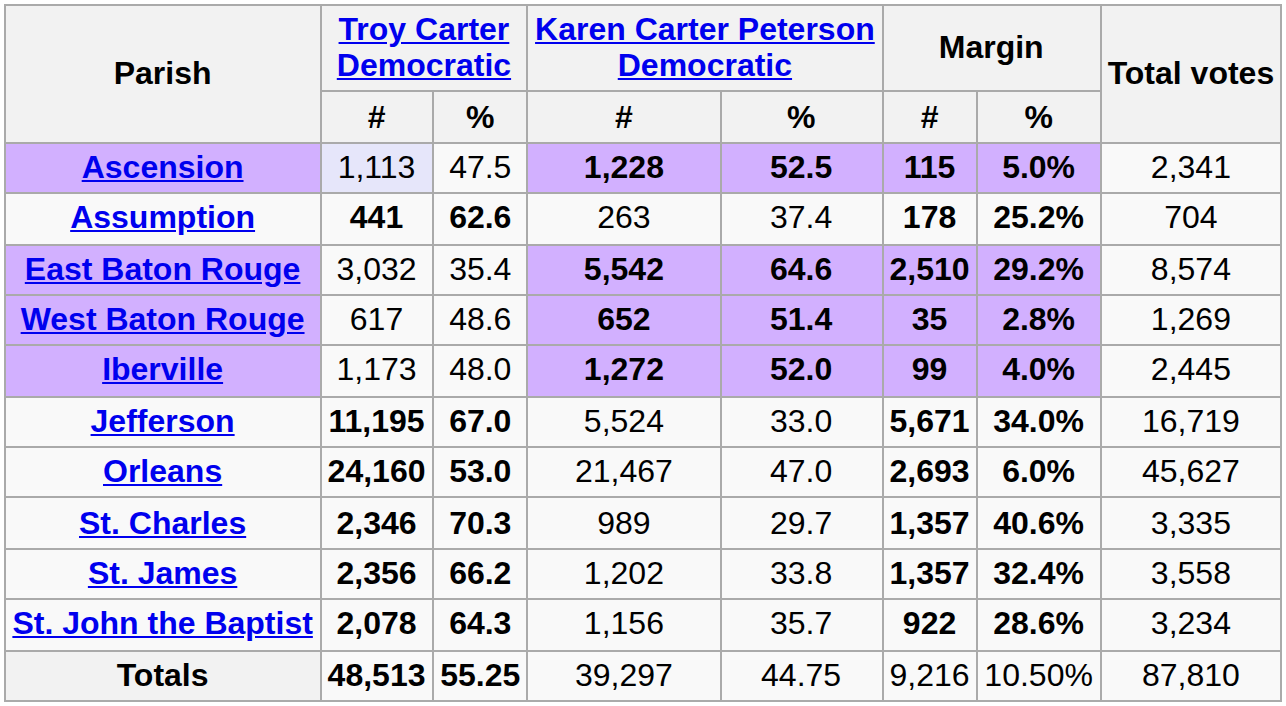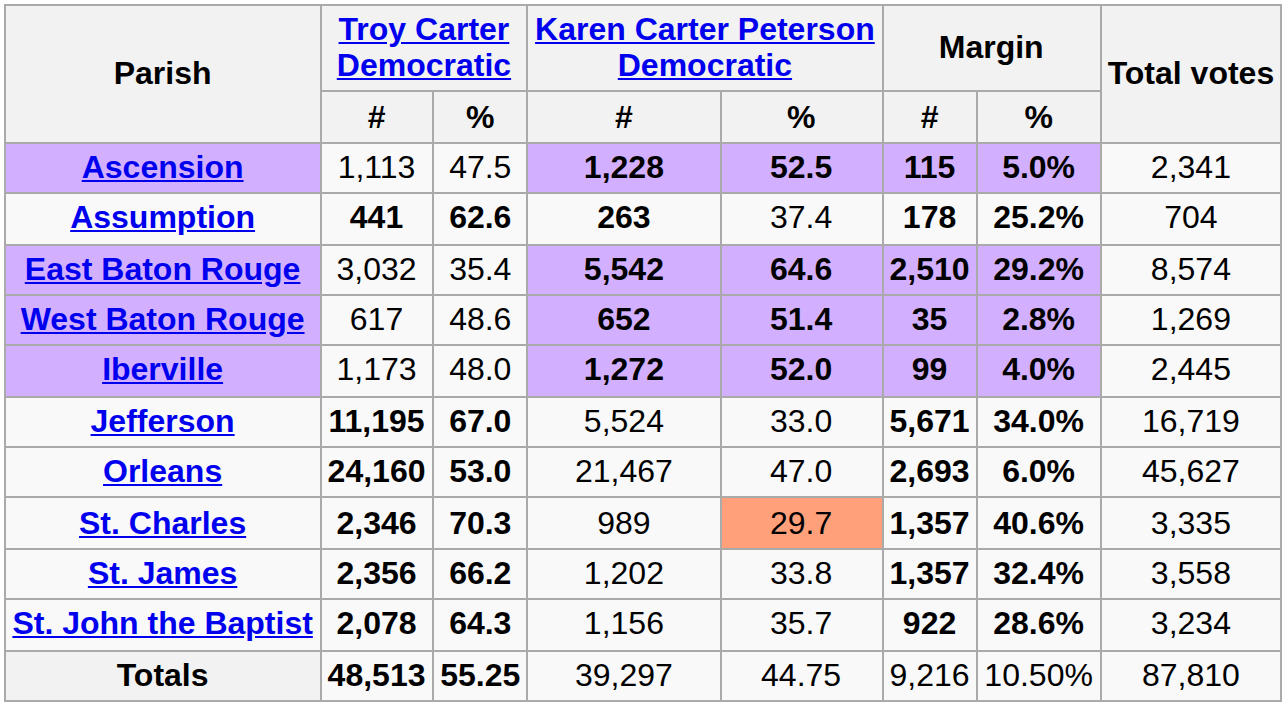 <table class="wikitable sortable">
 <tr>
 <th rowspan="2">Parish</th>
 <th colspan="2"><a href='#'>Troy Carter</a><br><a href='#'>Democratic</a></th>
 <th colspan="2"><a href='#'>Karen Carter Peterson</a><br><a href='#'>Democratic</a></th>
 <th colspan="2">Margin</th>
 <th rowspan="2">Total votes</th>
 </tr>
 <tr>
 <th data-sort-type="number" style="text-align:center;">#</th>
 <th data-sort-type="number" style="text-align:center;">%</th>
 <th data-sort-type="number" style="text-align:center;">#</th>
 <th data-sort-type="number" style="text-align:center;">%</th>
 <th data-sort-type="number" style="text-align:center;">#</th>
 <th data-sort-type="number" style="text-align:center;">%</th>
 </tr>
 <tr style="text-align:center;">
 <td style="background:#d2b0ff;"><strong><a href='#'>Ascension</a></strong></td>
-<td style="background: lavender;">1,113</td>
+<td>1,113</td>
 <td>47.5</td>
 <td style="background:#d2b0ff;"><strong>1,228</strong></td>
 <td style="background:#d2b0ff;"><strong>52.5</strong></td>
 <td style="background:#d2b0ff;"><strong>115</strong></td>
 <td style="background:#d2b0ff;"><strong>5.0%</strong></td>
 <td>2,341</td>
 </tr>
 <tr style="text-align:center;">
 <td><strong><a href='#'>Assumption</a></strong></td>
 <td><strong>441</strong></td>
 <td><strong>62.6</strong></td>
-<td>263</td>
+<td><strong>263</strong></td>
 <td>37.4</td>
 <td><strong>178</strong></td>
 <td><strong>25.2%</strong></td>
 <td>704</td>
 </tr>
 <tr style="text-align:center;">
 <td style="background:#d2b0ff;"><strong><a href='#'>East Baton Rouge</a></strong></td>
 <td>3,032</td>
 <td>35.4</td>
 <td style="background:#d2b0ff;"><strong>5,542</strong></td>
 <td style="background:#d2b0ff;"><strong>64.6</strong></td>
 <td style="background:#d2b0ff;"><strong>2,510</strong></td>
 <td style="background:#d2b0ff;"><strong>29.2%</strong></td>
 <td>8,574</td>
 </tr>
 <tr style="text-align:center;">
 <td style="background:#d2b0ff;"><strong><a href='#'>West Baton Rouge</a></strong></td>
 <td>617</td>
 <td>48.6</td>
 <td style="background:#d2b0ff;"><strong>652</strong></td>
 <td style="background:#d2b0ff;"><strong>51.4</strong></td>
 <td style="background:#d2b0ff;"><strong>35</strong></td>
 <td style="background:#d2b0ff;"><strong>2.8%</strong></td>
 <td>1,269</td>
 </tr>
 <tr style="text-align:center;">
 <td style="background:#d2b0ff;"><strong><a href='#'>Iberville</a></strong></td>
 <td>1,173</td>
 <td>48.0</td>
 <td style="background:#d2b0ff;"><strong>1,272</strong></td>
 <td style="background:#d2b0ff;"><strong>52.0</strong></td>
 <td style="background:#d2b0ff;"><strong>99</strong></td>
 <td style="background:#d2b0ff;"><strong>4.0%</strong></td>
 <td>2,445</td>
 </tr>
 <tr style="text-align:center;">
 <td><strong><a href='#'>Jefferson</a></strong></td>
 <td><strong>11,195</strong></td>
 <td><strong>67.0</strong></td>
 <td>5,524</td>
 <td>33.0</td>
 <td><strong>5,671</strong></td>
 <td><strong>34.0%</strong></td>
 <td>16,719</td>
 </tr>
 <tr style="text-align:center;">
 <td><strong><a href='#'>Orleans</a></strong></td>
 <td><strong>24,160</strong></td>
 <td><strong>53.0</strong></td>
 <td>21,467</td>
 <td>47.0</td>
 <td><strong>2,693</strong></td>
 <td><strong>6.0%</strong></td>
 <td>45,627</td>
 </tr>
 <tr style="text-align:center;">
 <td><strong><a href='#'>St. Charles</a></strong></td>
 <td><strong>2,346</strong></td>
 <td><strong>70.3</strong></td>
 <td>989</td>
-<td>29.7</td>
+<td style="background: lightsalmon;">29.7</td>
 <td><strong>1,357</strong></td>
 <td><strong>40.6%</strong></td>
 <td>3,335</td>
 </tr>
 <tr style="text-align:center;">
 <td><strong><a href='#'>St. James</a></strong></td>
 <td><strong>2,356</strong></td>
 <td><strong>66.2</strong></td>
 <td>1,202</td>
 <td>33.8</td>
 <td><strong>1,357</strong></td>
 <td><strong>32.4%</strong></td>
 <td>3,558</td>
 </tr>
 <tr style="text-align:center;">
 <td><strong><a href='#'>St. John the Baptist</a></strong></td>
 <td><strong>2,078</strong></td>
 <td><strong>64.3</strong></td>
 <td>1,156</td>
 <td>35.7</td>
 <td><strong>922</strong></td>
 <td><strong>28.6%</strong></td>
 <td>3,234</td>
 </tr>
 <tr style="text-align:center;">
 <th>Totals</th>
 <td><strong>48,513</strong></td>
 <td><strong>55.25</strong></td>
 <td>39,297</td>
 <td>44.75</td>
 <td>9,216</td>
 <td>10.50%</td>
 <td>87,810</td>
 </tr>
 </table>
